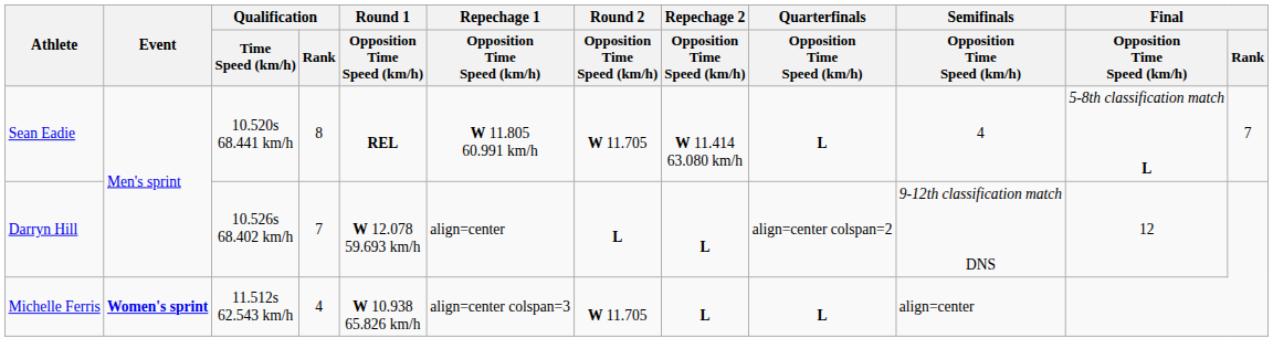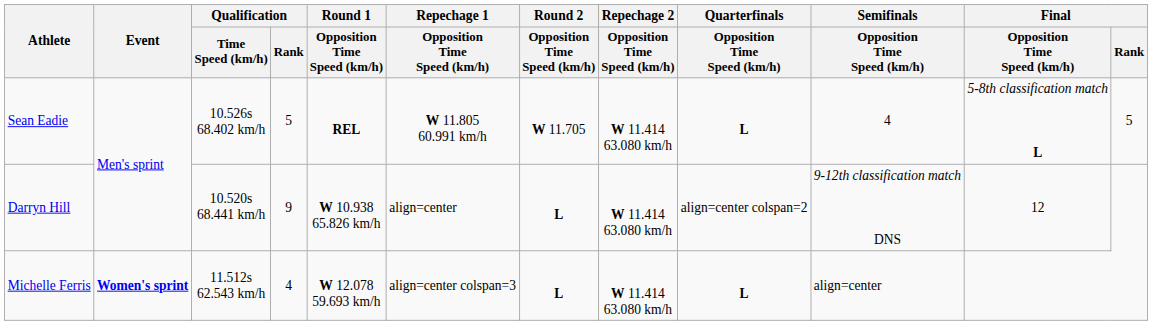 <table class="wikitable" style="font-size:90%">
 <tr>
 <th rowspan="2">Athlete</th>
 <th rowspan="2">Event</th>
 <th colspan=2>Qualification</th>
 <th>Round 1</th>
 <th>Repechage 1</th>
 <th>Round 2</th>
 <th>Repechage 2</th>
 <th>Quarterfinals</th>
 <th>Semifinals</th>
 <th colspan=2>Final</th>
 </tr>
 <tr style="font-size:95%">
 <th>Time<br>Speed (km/h)</th>
 <th>Rank</th>
 <th>Opposition<br>Time<br>Speed (km/h)</th>
 <th>Opposition<br>Time<br>Speed (km/h)</th>
 <th>Opposition<br>Time<br>Speed (km/h)</th>
 <th>Opposition<br>Time<br>Speed (km/h)</th>
 <th>Opposition<br>Time<br>Speed (km/h)</th>
 <th>Opposition<br>Time<br>Speed (km/h)</th>
 <th>Opposition<br>Time<br>Speed (km/h)</th>
 <th>Rank</th>
 </tr>
 <tr>
 <td align=left><a href='#'>Sean Eadie</a></td>
 <td align=left rowspan=2><a href='#'>Men's sprint</a></td>
-<td align=center>10.520s<br> 68.441 km/h</td>
-<td align=center>8</td>
+<td align=center>10.526s<br> 68.402 km/h</td>
+<td align=center>5</td>
 <td align=center><br><strong>REL</strong></td>
 <td align=center><br><strong>W</strong> 11.805<br> 60.991 km/h</td>
 <td align=center><br><strong>W</strong> 11.705</td>
 <td align=center><br> <br> <strong>W</strong> 11.414<br> 63.080 km/h</td>
 <td align=center><br><strong>L</strong></td>
 <td align=center>4</td>
 <td align=center><em>5-8th classification match</em><br> <br> <br> <br> <strong>L</strong></td>
-<td align=center>7</td>
+<td align=center>5</td>
 </tr>
 <tr>
 <td align=left><a href='#'>Darryn Hill</a></td>
-<td align=center>10.526s<br> 68.402 km/h</td>
-<td align=center>7</td>
-<td align=center><br><strong>W</strong> 12.078<br> 59.693 km/h</td>
+<td align=center>10.520s<br> 68.441 km/h</td>
+<td align=center>9</td>
+<td align=center><br><strong>W</strong> 10.938<br> 65.826 km/h</td>
 <td>align=center </td>
 <td align=center><br><strong>L</strong></td>
-<td align=center><br> <br> <strong>L</strong></td>
+<td align=center><br> <br> <strong>W</strong> 11.414<br> 63.080 km/h</td>
 <td>align=center colspan=2 </td>
 <td align=center><em>9-12th classification match</em><br> <br> <br> <br> DNS</td>
 <td align=center>12</td>
 </tr>
 <tr>
 <td align=left><a href='#'>Michelle Ferris</a></td>
 <td align=left><strong><a href='#'>Women's sprint</a></strong></td>
 <td align=center>11.512s<br> 62.543 km/h</td>
 <td align=center>4</td>
-<td align=center><br><strong>W</strong> 10.938<br> 65.826 km/h</td>
+<td align=center><br><strong>W</strong> 12.078<br> 59.693 km/h</td>
 <td>align=center colspan=3 </td>
-<td align=center><br><strong>W</strong> 11.705</td>
 <td align=center><br><strong>L</strong></td>
+<td align=center><br> <br> <strong>W</strong> 11.414<br> 63.080 km/h</td>
 <td align=center><br><strong>L</strong></td>
 <td>align=center </td>
 </tr>
 </table>
